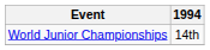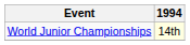 <table class="wikitable">
 <tr>
 <th>Event</th>
 <th>1994</th>
 </tr>
 <tr>
 <td><a href='#'>World Junior Championships</a></td>
-<td align="center">14th</td>
+<td align="center" style="background: lightyellow;">14th</td>
 </tr>
 <tr>
 </tr>
 </table>
